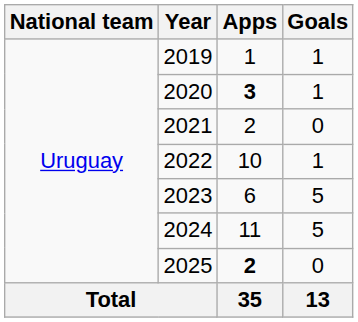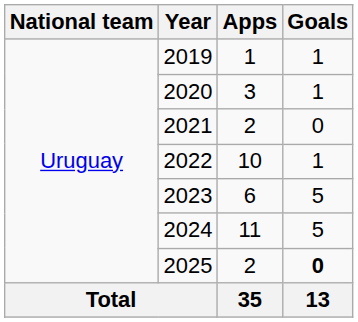 <table class="wikitable" style="text-align: center;">
 <tr>
 <th>National team</th>
 <th>Year</th>
 <th>Apps</th>
 <th>Goals</th>
 </tr>
 <tr>
 <td rowspan="7"><a href='#'>Uruguay</a></td>
 <td>2019</td>
 <td>1</td>
 <td>1</td>
 </tr>
 <tr>
 <td>2020</td>
-<td><strong>3</strong></td>
+<td>3</td>
 <td>1</td>
 </tr>
 <tr>
 <td>2021</td>
 <td>2</td>
 <td>0</td>
 </tr>
 <tr>
 <td>2022</td>
 <td>10</td>
 <td>1</td>
 </tr>
 <tr>
 <td>2023</td>
 <td>6</td>
 <td>5</td>
 </tr>
 <tr>
 <td>2024</td>
 <td>11</td>
 <td>5</td>
 </tr>
 <tr>
 <td>2025</td>
-<td><strong>2</strong></td>
-<td>0</td>
+<td>2</td>
+<td><strong>0</strong></td>
 </tr>
 <tr>
 <th colspan="2">Total</th>
 <th>35</th>
 <th>13</th>
 </tr>
 </table>
